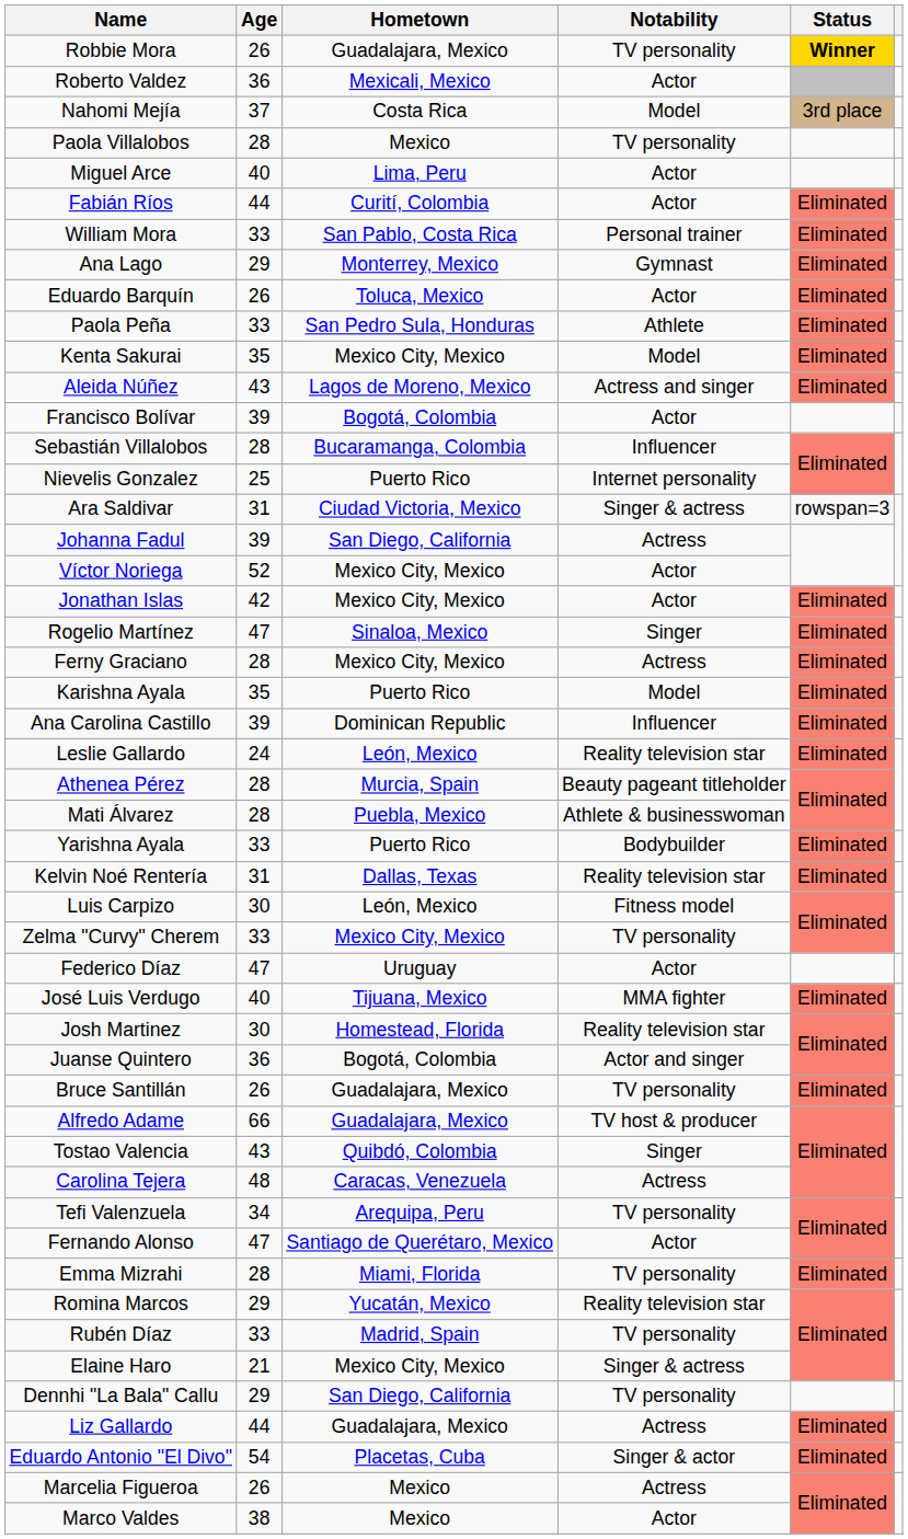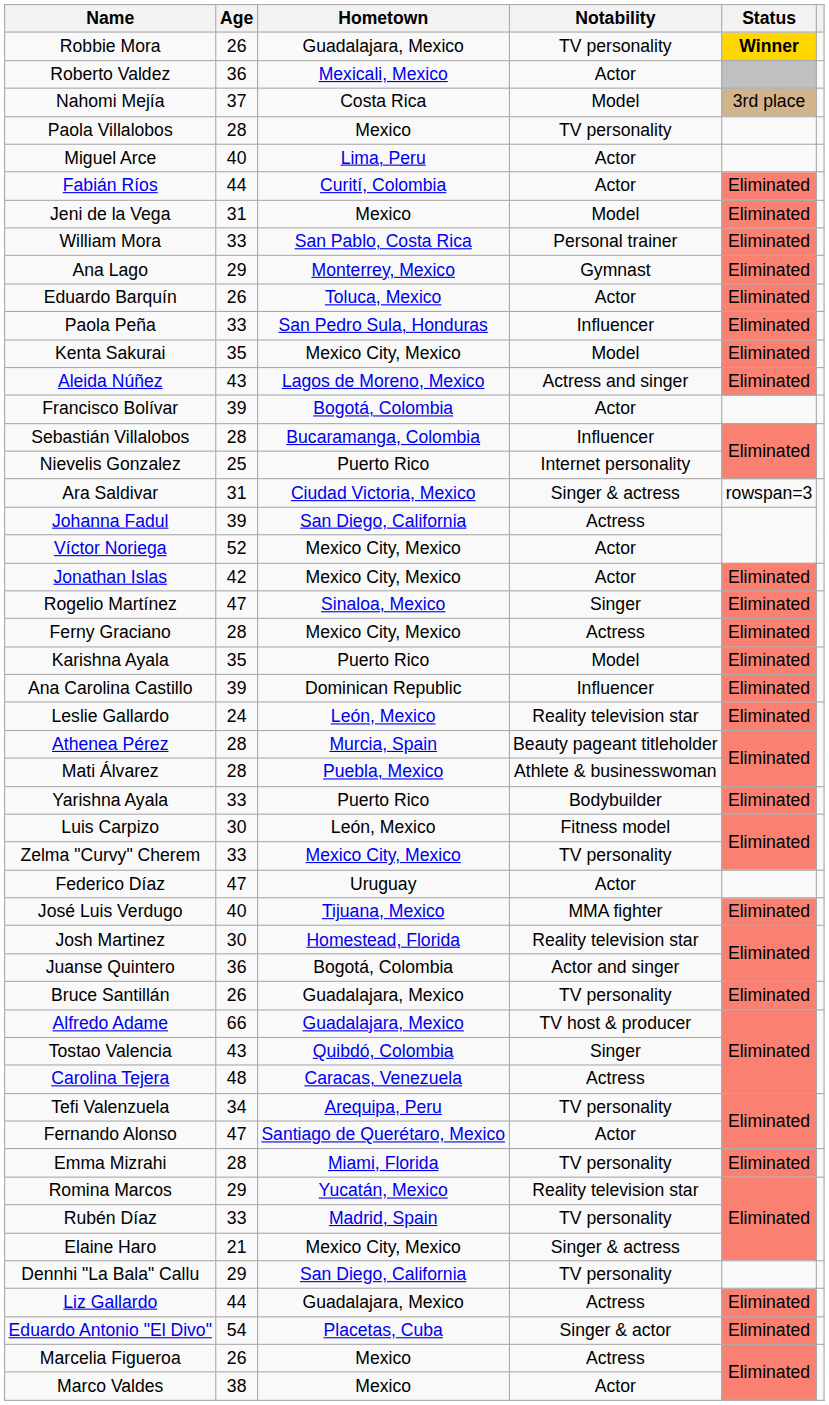 <table class="wikitable sortable" style="text-align:center;">
 <tr>
 <th>Name</th>
 <th>Age</th>
 <th>Hometown</th>
 <th>Notability</th>
 <th>Status</th>
 <th></th>
 </tr>
 <tr>
 <td>Robbie Mora</td>
 <td>26</td>
 <td>Guadalajara, Mexico</td>
 <td>TV personality</td>
 <td bgcolor=gold><strong>Winner</strong><br></td>
 <td></td>
 </tr>
 <tr>
 <td>Roberto Valdez</td>
 <td>36</td>
 <td><a href='#'>Mexicali, Mexico</a></td>
 <td>Actor</td>
 <td bgcolor=silver><br></td>
 <td></td>
 </tr>
 <tr>
 <td>Nahomi Mejía</td>
 <td>37</td>
 <td>Costa Rica</td>
 <td>Model</td>
 <td bgcolor=tan>3rd place<br></td>
 <td></td>
 </tr>
 <tr>
 <td>Paola Villalobos</td>
 <td>28</td>
 <td>Mexico</td>
 <td>TV personality</td>
 <td><br></td>
 <td></td>
 </tr>
 <tr>
 <td>Miguel Arce</td>
 <td>40</td>
 <td><a href='#'>Lima, Peru</a></td>
 <td>Actor</td>
 <td><br></td>
 <td></td>
 </tr>
 <tr>
 <td><a href='#'>Fabián Ríos</a></td>
 <td>44</td>
 <td><a href='#'>Curití, Colombia</a></td>
 <td>Actor</td>
 <td bgcolor=salmon>Eliminated<br></td>
 <td></td>
 </tr>
 <tr>
+<td>Jeni de la Vega</td>
+<td>31</td>
+<td>Mexico</td>
+<td>Model</td>
+<td bgcolor=salmon>Eliminated<br></td>
+<td></td>
+</tr>
+<tr>
 <td>William Mora</td>
 <td>33</td>
 <td><a href='#'>San Pablo, Costa Rica</a></td>
 <td>Personal trainer</td>
 <td bgcolor=salmon>Eliminated<br></td>
 <td></td>
 </tr>
 <tr>
 <td>Ana Lago</td>
 <td>29</td>
 <td><a href='#'>Monterrey, Mexico</a></td>
 <td>Gymnast</td>
 <td bgcolor=salmon>Eliminated<br></td>
 <td></td>
 </tr>
 <tr>
 <td>Eduardo Barquín</td>
 <td>26</td>
 <td><a href='#'>Toluca, Mexico</a></td>
 <td>Actor</td>
 <td bgcolor=salmon>Eliminated<br></td>
 <td></td>
 </tr>
 <tr>
 <td>Paola Peña</td>
 <td>33</td>
 <td><a href='#'>San Pedro Sula, Honduras</a></td>
-<td>Athlete</td>
+<td>Influencer</td>
 <td bgcolor=salmon>Eliminated<br></td>
 <td></td>
 </tr>
 <tr>
 <td>Kenta Sakurai</td>
 <td>35</td>
 <td>Mexico City, Mexico</td>
 <td>Model</td>
 <td bgcolor=salmon>Eliminated<br></td>
 <td></td>
 </tr>
 <tr>
 <td><a href='#'>Aleida Núñez</a></td>
 <td>43</td>
 <td><a href='#'>Lagos de Moreno, Mexico</a></td>
 <td>Actress and singer</td>
 <td bgcolor=salmon>Eliminated<br></td>
 <td></td>
 </tr>
 <tr>
 <td>Francisco Bolívar</td>
 <td>39</td>
 <td><a href='#'>Bogotá, Colombia</a></td>
 <td>Actor</td>
 <td></td>
 <td></td>
 </tr>
 <tr>
 <td>Sebastián Villalobos</td>
 <td>28</td>
 <td><a href='#'>Bucaramanga, Colombia</a></td>
 <td>Influencer</td>
 <td rowspan=2 bgcolor=salmon>Eliminated<br></td>
 <td rowspan=2></td>
 </tr>
 <tr>
 <td>Nievelis Gonzalez</td>
 <td>25</td>
 <td>Puerto Rico</td>
 <td>Internet personality</td>
 </tr>
 <tr>
 <td>Ara Saldivar</td>
 <td>31</td>
 <td><a href='#'>Ciudad Victoria, Mexico</a></td>
 <td>Singer & actress</td>
 <td>rowspan=3 </td>
 <td rowspan=3></td>
 </tr>
 <tr>
 <td><a href='#'>Johanna Fadul</a></td>
 <td>39</td>
 <td><a href='#'>San Diego, California</a></td>
 <td>Actress</td>
 </tr>
 <tr>
 <td><a href='#'>Víctor Noriega</a></td>
 <td>52</td>
 <td>Mexico City, Mexico</td>
 <td>Actor</td>
 </tr>
 <tr>
 <td><a href='#'>Jonathan Islas</a></td>
 <td>42</td>
 <td>Mexico City, Mexico</td>
 <td>Actor</td>
 <td bgcolor=salmon>Eliminated<br></td>
 <td></td>
 </tr>
 <tr>
 <td>Rogelio Martínez</td>
 <td>47</td>
 <td><a href='#'>Sinaloa, Mexico</a></td>
 <td>Singer</td>
 <td bgcolor=salmon>Eliminated<br></td>
 <td rowspan=2></td>
 </tr>
 <tr>
 <td>Ferny Graciano</td>
 <td>28</td>
 <td>Mexico City, Mexico</td>
 <td>Actress</td>
 <td bgcolor=salmon>Eliminated<br></td>
 </tr>
 <tr>
 <td>Karishna Ayala</td>
 <td>35</td>
 <td>Puerto Rico</td>
 <td>Model</td>
 <td bgcolor=salmon>Eliminated<br></td>
 <td rowspan=2></td>
 </tr>
 <tr>
 <td>Ana Carolina Castillo</td>
 <td>39</td>
 <td>Dominican Republic</td>
 <td>Influencer</td>
 <td bgcolor=salmon>Eliminated<br></td>
 </tr>
 <tr>
 <td>Leslie Gallardo</td>
 <td>24</td>
 <td><a href='#'>León, Mexico</a></td>
 <td>Reality television star</td>
 <td bgcolor=salmon>Eliminated<br></td>
 <td rowspan=3></td>
 </tr>
 <tr>
 <td><a href='#'>Athenea Pérez</a></td>
 <td>28</td>
 <td><a href='#'>Murcia, Spain</a></td>
 <td>Beauty pageant titleholder</td>
 <td rowspan=2 bgcolor=salmon>Eliminated<br></td>
 </tr>
 <tr>
 <td>Mati Álvarez</td>
 <td>28</td>
 <td><a href='#'>Puebla, Mexico</a></td>
 <td>Athlete & businesswoman</td>
 </tr>
 <tr>
 <td>Yarishna Ayala</td>
 <td>33</td>
 <td>Puerto Rico</td>
 <td>Bodybuilder</td>
-<td bgcolor=salmon>Eliminated<br></td>
-<td></td>
-</tr>
-<tr>
-<td>Kelvin Noé Rentería</td>
-<td>31</td>
-<td><a href='#'>Dallas, Texas</a></td>
-<td>Reality television star</td>
 <td bgcolor=salmon>Eliminated<br></td>
 <td></td>
 </tr>
 <tr>
 <td>Luis Carpizo</td>
 <td>30</td>
 <td>León, Mexico</td>
 <td>Fitness model</td>
 <td rowspan=2 bgcolor=salmon>Eliminated<br></td>
 <td rowspan=2></td>
 </tr>
 <tr>
 <td>Zelma "Curvy" Cherem</td>
 <td>33</td>
 <td><a href='#'>Mexico City, Mexico</a></td>
 <td>TV personality</td>
 </tr>
 <tr>
 <td>Federico Díaz</td>
 <td>47</td>
 <td>Uruguay</td>
 <td>Actor</td>
 <td></td>
 <td></td>
 </tr>
 <tr>
 <td>José Luis Verdugo</td>
 <td>40</td>
 <td><a href='#'>Tijuana, Mexico</a></td>
 <td>MMA fighter</td>
 <td bgcolor=salmon>Eliminated<br></td>
 <td></td>
 </tr>
 <tr>
 <td>Josh Martinez</td>
 <td>30</td>
 <td><a href='#'>Homestead, Florida</a></td>
 <td>Reality television star</td>
 <td rowspan=2 bgcolor=salmon>Eliminated<br></td>
 <td rowspan=2></td>
 </tr>
 <tr>
 <td>Juanse Quintero</td>
 <td>36</td>
 <td>Bogotá, Colombia</td>
 <td>Actor and singer</td>
 </tr>
 <tr>
 <td>Bruce Santillán</td>
 <td>26</td>
 <td>Guadalajara, Mexico</td>
 <td>TV personality</td>
 <td bgcolor=salmon>Eliminated<br></td>
 <td></td>
 </tr>
 <tr>
 <td><a href='#'>Alfredo Adame</a></td>
 <td>66</td>
 <td><a href='#'>Guadalajara, Mexico</a></td>
 <td>TV host & producer</td>
 <td rowspan=3 bgcolor=salmon>Eliminated<br></td>
 <td rowspan=3></td>
 </tr>
 <tr>
 <td>Tostao Valencia</td>
 <td>43</td>
 <td><a href='#'>Quibdó, Colombia</a></td>
 <td>Singer</td>
 </tr>
 <tr>
 <td><a href='#'>Carolina Tejera</a></td>
 <td>48</td>
 <td><a href='#'>Caracas, Venezuela</a></td>
 <td>Actress</td>
 </tr>
 <tr>
 <td>Tefi Valenzuela</td>
 <td>34</td>
 <td><a href='#'>Arequipa, Peru</a></td>
 <td>TV personality</td>
 <td rowspan=2 bgcolor=salmon>Eliminated<br></td>
 <td rowspan=2></td>
 </tr>
 <tr>
 <td>Fernando Alonso</td>
 <td>47</td>
 <td><a href='#'>Santiago de Querétaro, Mexico</a></td>
 <td>Actor</td>
 </tr>
 <tr>
 <td>Emma Mizrahi</td>
 <td>28</td>
 <td><a href='#'>Miami, Florida</a></td>
 <td>TV personality</td>
 <td bgcolor=salmon>Eliminated<br></td>
 <td></td>
 </tr>
 <tr>
 <td>Romina Marcos</td>
 <td>29</td>
 <td><a href='#'>Yucatán, Mexico</a></td>
 <td>Reality television star</td>
 <td rowspan=3 bgcolor=salmon>Eliminated<br></td>
 <td rowspan=3></td>
 </tr>
 <tr>
 <td>Rubén Díaz</td>
 <td>33</td>
 <td><a href='#'>Madrid, Spain</a></td>
 <td>TV personality</td>
 </tr>
 <tr>
 <td>Elaine Haro</td>
 <td>21</td>
 <td>Mexico City, Mexico</td>
 <td>Singer & actress</td>
 </tr>
 <tr>
 <td>Dennhi "La Bala" Callu</td>
 <td>29</td>
 <td><a href='#'>San Diego, California</a></td>
 <td>TV personality</td>
 <td></td>
 <td></td>
 </tr>
 <tr>
 <td><a href='#'>Liz Gallardo</a></td>
 <td>44</td>
 <td>Guadalajara, Mexico</td>
 <td>Actress</td>
 <td bgcolor=salmon>Eliminated<br></td>
 <td></td>
 </tr>
 <tr>
 <td><a href='#'>Eduardo Antonio "El Divo"</a></td>
 <td>54</td>
 <td><a href='#'>Placetas, Cuba</a></td>
 <td>Singer & actor</td>
 <td bgcolor=salmon>Eliminated<br></td>
 <td></td>
 </tr>
 <tr>
 <td>Marcelia Figueroa</td>
 <td>26</td>
 <td>Mexico</td>
 <td>Actress</td>
 <td rowspan=2 bgcolor=salmon>Eliminated<br></td>
 <td rowspan=2></td>
 </tr>
 <tr>
 <td>Marco Valdes</td>
 <td>38</td>
 <td>Mexico</td>
 <td>Actor</td>
 </tr>
 <tr>
 </tr>
 </table>
